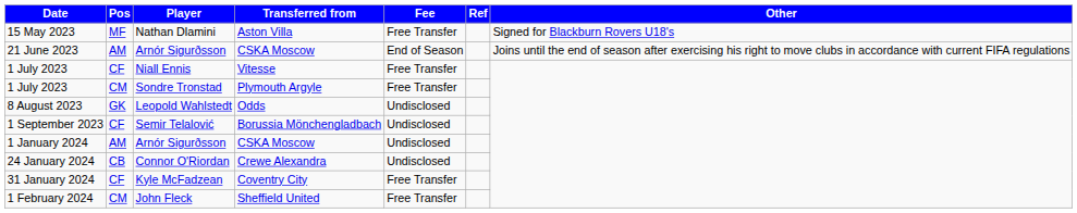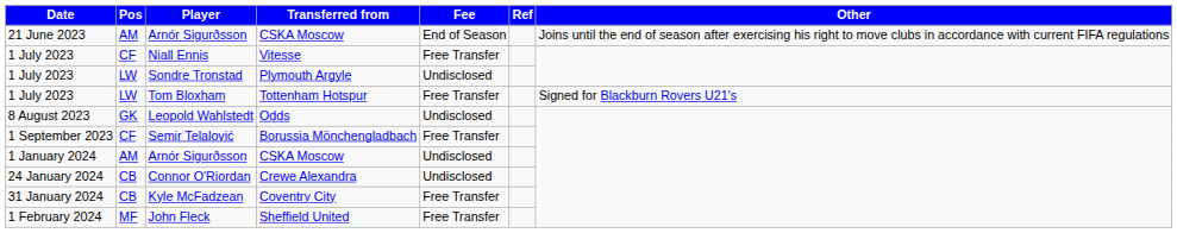 <table class="wikitable plainrowheaders sortable">
 <tr>
 <th style="background:#0000FF; color:#ffffff; ">Date</th>
 <th style="background:#0000FF; color:#ffffff; ">Pos</th>
 <th style="background:#0000FF; color:#ffffff; ">Player</th>
 <th style="background:#0000FF; color:#ffffff; ">Transferred from</th>
 <th style="background:#0000FF; color:#ffffff; ">Fee</th>
 <th style="background:#0000FF; color:#ffffff; ">Ref</th>
 <th style="background:#0000FF; color:#ffffff; ">Other</th>
-</tr>
-<tr>
-<td>15 May 2023</td>
-<td><a href='#'>MF</a></td>
-<td> Nathan Dlamini</td>
-<td> <a href='#'>Aston Villa</a></td>
-<td>Free Transfer</td>
-<td></td>
-<td>Signed for <a href='#'>Blackburn Rovers U18's</a></td>
 </tr>
 <tr>
 <td>21 June 2023</td>
 <td><a href='#'>AM</a></td>
 <td> <a href='#'>Arnór Sigurðsson</a></td>
 <td> <a href='#'>CSKA Moscow</a></td>
 <td>End of Season</td>
 <td></td>
 <td>Joins until the end of season after exercising his right to move clubs in accordance with current FIFA regulations</td>
 </tr>
 <tr>
 <td>1 July 2023</td>
 <td><a href='#'>CF</a></td>
 <td> <a href='#'>Niall Ennis</a></td>
 <td> <a href='#'>Vitesse</a></td>
 <td>Free Transfer</td>
 <td></td>
 </tr>
 <tr>
 <td>1 July 2023</td>
-<td><a href='#'>CM</a></td>
+<td><a href='#'>LW</a></td>
 <td> <a href='#'>Sondre Tronstad</a></td>
 <td> <a href='#'>Plymouth Argyle</a></td>
+<td>Undisclosed</td>
+<td></td>
+</tr>
+<tr>
+<td>1 July 2023</td>
+<td><a href='#'>LW</a></td>
+<td> <a href='#'>Tom Bloxham</a></td>
+<td> <a href='#'>Tottenham Hotspur</a></td>
 <td>Free Transfer</td>
 <td></td>
+<td>Signed for <a href='#'>Blackburn Rovers U21's</a></td>
 </tr>
 <tr>
 <td>8 August 2023</td>
 <td><a href='#'>GK</a></td>
 <td> <a href='#'>Leopold Wahlstedt</a></td>
 <td> <a href='#'>Odds</a></td>
 <td>Undisclosed</td>
 <td></td>
 </tr>
 <tr>
 <td>1 September 2023</td>
 <td><a href='#'>CF</a></td>
 <td> <a href='#'>Semir Telalović</a></td>
 <td> <a href='#'>Borussia Mönchengladbach</a></td>
-<td>Undisclosed</td>
+<td>Free Transfer</td>
 <td></td>
 </tr>
 <tr>
 <td>1 January 2024</td>
 <td><a href='#'>AM</a></td>
 <td> <a href='#'>Arnór Sigurðsson</a></td>
 <td> <a href='#'>CSKA Moscow</a></td>
 <td>Undisclosed</td>
 <td></td>
 </tr>
 <tr>
 <td>24 January 2024</td>
 <td><a href='#'>CB</a></td>
 <td> <a href='#'>Connor O'Riordan</a></td>
 <td> <a href='#'>Crewe Alexandra</a></td>
 <td>Undisclosed</td>
 <td></td>
 </tr>
 <tr>
 <td>31 January 2024</td>
-<td><a href='#'>CF</a></td>
+<td><a href='#'>CB</a></td>
 <td> <a href='#'>Kyle McFadzean</a></td>
 <td> <a href='#'>Coventry City</a></td>
 <td>Free Transfer</td>
 <td></td>
 </tr>
 <tr>
 <td>1 February 2024</td>
-<td><a href='#'>CM</a></td>
+<td><a href='#'>MF</a></td>
 <td> <a href='#'>John Fleck</a></td>
 <td> <a href='#'>Sheffield United</a></td>
 <td>Free Transfer</td>
 <td></td>
 </tr>
 </table>
